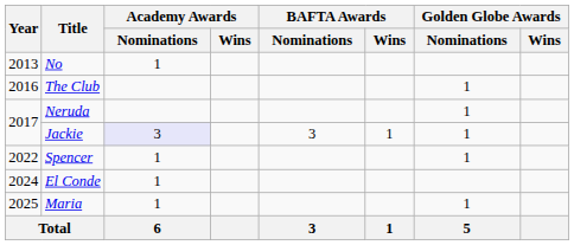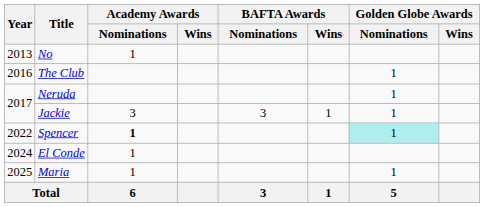 <table class="wikitable">
 <tr>
 <th rowspan="2">Year</th>
 <th rowspan="2">Title</th>
 <th colspan="2" style="text-align:center;" width=160>Academy Awards</th>
 <th colspan="2" style="text-align:center;" width=160>BAFTA Awards</th>
 <th colspan="2" style="text-align:center;" width=160>Golden Globe Awards</th>
 </tr>
 <tr>
 <th>Nominations</th>
 <th>Wins</th>
 <th>Nominations</th>
 <th>Wins</th>
 <th>Nominations</th>
 <th>Wins</th>
 </tr>
 <tr>
 <td>2013</td>
 <td><em><a href='#'>No</a></em></td>
 <td align=center>1</td>
 <td></td>
 <td></td>
 <td></td>
 <td></td>
 <td></td>
 </tr>
 <tr>
 <td>2016</td>
 <td><em><a href='#'>The Club</a></em></td>
 <td></td>
 <td></td>
 <td></td>
 <td></td>
 <td align=center>1</td>
 <td></td>
 </tr>
 <tr>
 <td rowspan="2">2017</td>
 <td><em><a href='#'>Neruda</a></em></td>
 <td></td>
 <td></td>
 <td></td>
 <td></td>
 <td align=center>1</td>
 <td></td>
 </tr>
 <tr>
 <td><em><a href='#'>Jackie</a></em></td>
-<td align=center style="background: lavender;">3</td>
+<td align=center>3</td>
 <td></td>
 <td align=center>3</td>
 <td align=center>1</td>
 <td align=center>1</td>
 <td></td>
 </tr>
 <tr>
 <td>2022</td>
 <td><em><a href='#'>Spencer</a></em></td>
-<td align=center>1</td>
+<td align=center><strong>1</strong></td>
 <td></td>
 <td></td>
 <td></td>
-<td align=center>1</td>
+<td align=center style="background: paleturquoise;">1</td>
 <td></td>
 </tr>
 <tr>
 <td>2024</td>
 <td><em><a href='#'>El Conde</a></em></td>
 <td align=center>1</td>
 <td></td>
 <td></td>
 <td></td>
 <td></td>
 <td></td>
 </tr>
 <tr>
 <td>2025</td>
 <td><em><a href='#'>Maria</a></em></td>
 <td align=center>1</td>
 <td></td>
 <td></td>
 <td></td>
 <td align=center>1</td>
 <td></td>
 </tr>
 <tr>
 <th colspan="2"><strong>Total</strong></th>
 <th align=center>6</th>
 <th align=center></th>
 <th align=center>3</th>
 <th align=center>1</th>
 <th align=center>5</th>
 <th align=center></th>
 </tr>
 </table>
